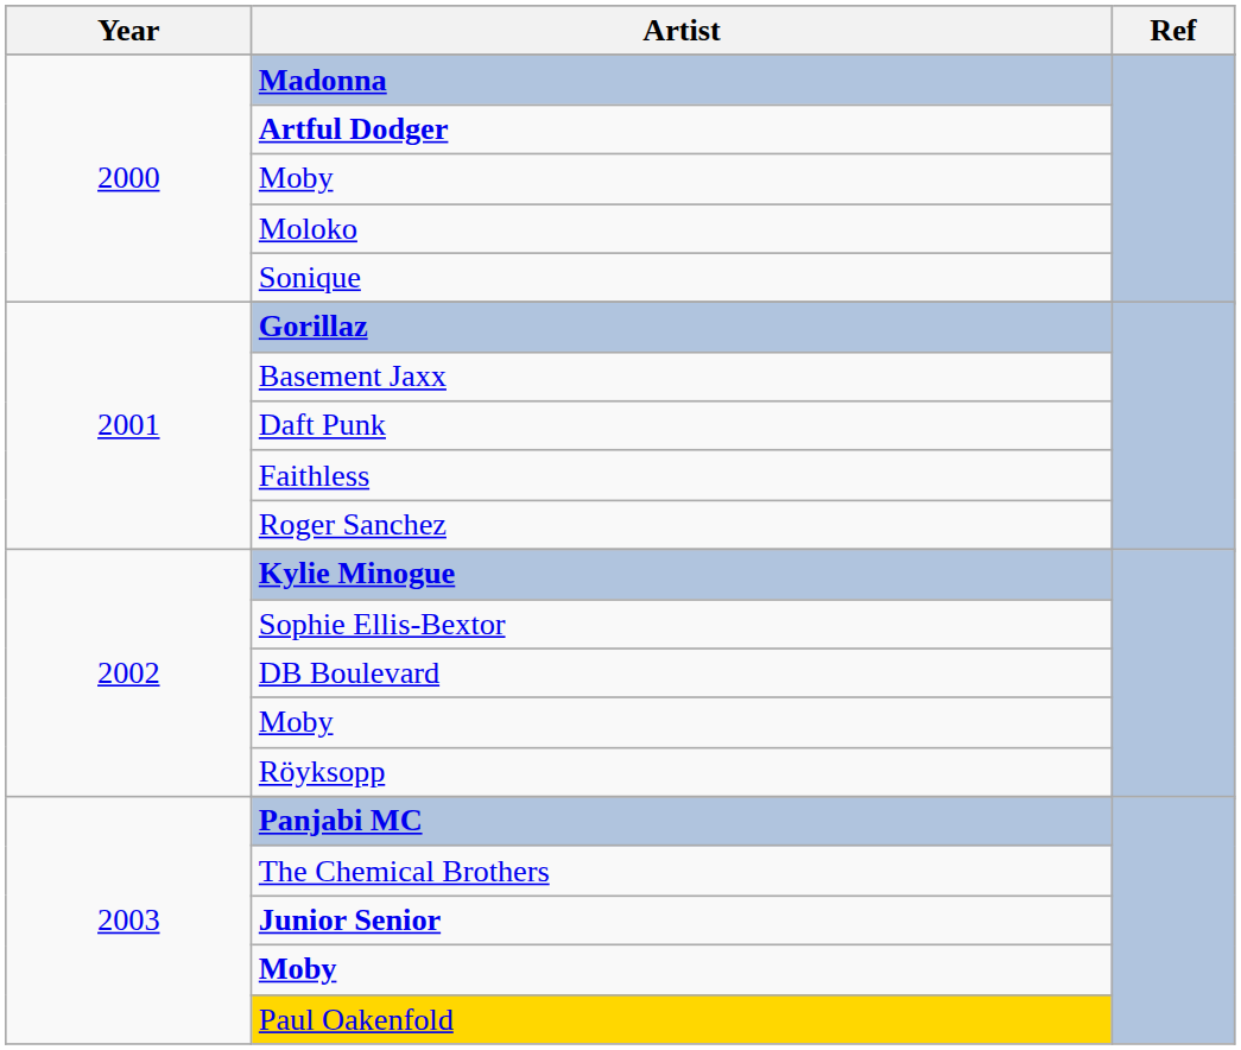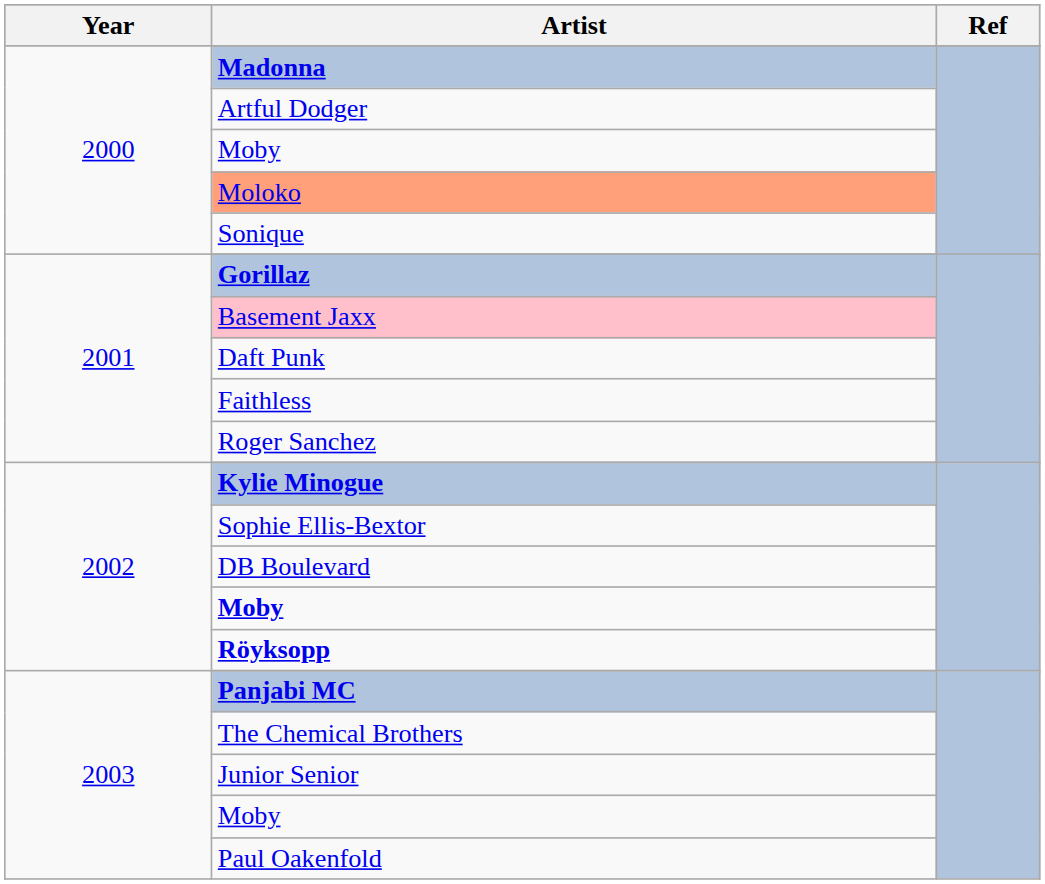 <table class="wikitable" style="width:50%;">
 <tr style="background:#bebebe;">
 <th style="width:10%;">Year</th>
 <th style="width:35%;">Artist</th>
 <th style="width:5%;">Ref</th>
 </tr>
 <tr>
 <td rowspan="6" align="center"><a href='#'>2000</a></td>
 </tr>
 <tr style="background:#B0C4DE">
 <td><strong><a href='#'>Madonna</a></strong></td>
 <td rowspan="6" align="center"></td>
 </tr>
 <tr>
-<td><strong><a href='#'>Artful Dodger</a></strong></td>
+<td><a href='#'>Artful Dodger</a></td>
 </tr>
 <tr>
 <td><a href='#'>Moby</a></td>
 </tr>
 <tr>
-<td><a href='#'>Moloko</a></td>
+<td style="background: lightsalmon;"><a href='#'>Moloko</a></td>
 </tr>
 <tr>
 <td><a href='#'>Sonique</a></td>
 </tr>
 <tr>
 <td rowspan="6" align="center"><a href='#'>2001</a></td>
 </tr>
 <tr style="background:#B0C4DE">
 <td><strong><a href='#'>Gorillaz</a></strong></td>
 <td rowspan="6" align="center"></td>
 </tr>
 <tr>
-<td><a href='#'>Basement Jaxx</a></td>
+<td style="background: pink;"><a href='#'>Basement Jaxx</a></td>
 </tr>
 <tr>
 <td><a href='#'>Daft Punk</a></td>
 </tr>
 <tr>
 <td><a href='#'>Faithless</a></td>
 </tr>
 <tr>
 <td><a href='#'>Roger Sanchez</a></td>
 </tr>
 <tr>
 <td rowspan="6" align="center"><a href='#'>2002</a></td>
 </tr>
 <tr style="background:#B0C4DE">
 <td><strong><a href='#'>Kylie Minogue</a></strong></td>
 <td rowspan="6" align="center"></td>
 </tr>
 <tr>
 <td><a href='#'>Sophie Ellis-Bextor</a></td>
 </tr>
 <tr>
 <td><a href='#'>DB Boulevard</a></td>
 </tr>
 <tr>
-<td><a href='#'>Moby</a></td>
+<td><strong><a href='#'>Moby</a></strong></td>
 </tr>
 <tr>
-<td><a href='#'>Röyksopp</a></td>
+<td><strong><a href='#'>Röyksopp</a></strong></td>
 </tr>
 <tr>
 <td rowspan="6" align="center"><a href='#'>2003</a></td>
 </tr>
 <tr style="background:#B0C4DE">
 <td><strong><a href='#'>Panjabi MC</a></strong></td>
 <td rowspan="6" align="center"></td>
 </tr>
 <tr>
 <td><a href='#'>The Chemical Brothers</a></td>
 </tr>
 <tr>
-<td><strong><a href='#'>Junior Senior</a></strong></td>
+<td><a href='#'>Junior Senior</a></td>
 </tr>
 <tr>
-<td><strong><a href='#'>Moby</a></strong></td>
+<td><a href='#'>Moby</a></td>
 </tr>
 <tr>
-<td style="background: gold;"><a href='#'>Paul Oakenfold</a></td>
+<td><a href='#'>Paul Oakenfold</a></td>
 </tr>
 </table>
